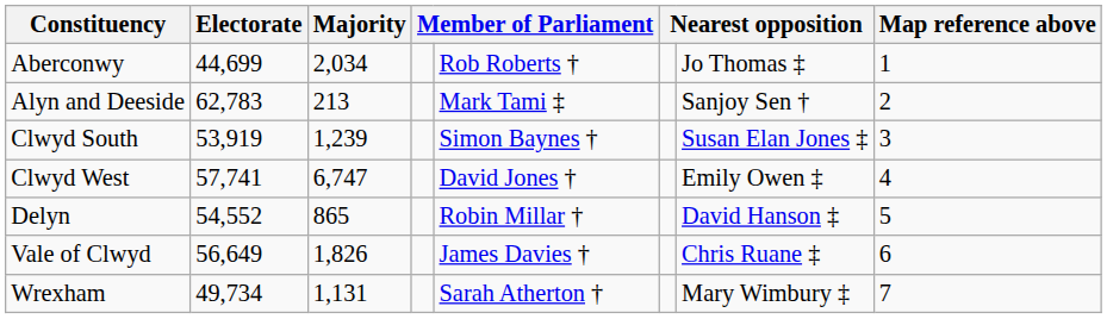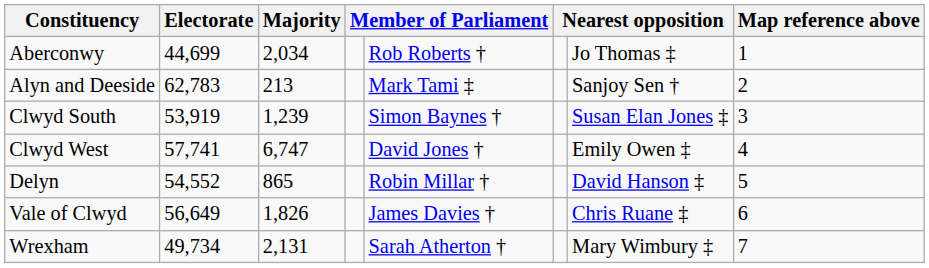 <table class="wikitable sortable">
 <tr>
 <th rowspan=1>Constituency</th>
 <th rowspan=1>Electorate</th>
 <th rowspan=1>Majority</th>
 <th colspan=2 class=unsortable><a href='#'>Member of Parliament</a></th>
 <th colspan=2 class=unsortable>Nearest opposition<br></th>
 <th rowspan=1 class=unsortable>Map reference above</th>
 </tr>
 <tr>
 <td>Aberconwy</td>
 <td>44,699</td>
 <td>2,034</td>
 <td style="color:inherit;background:"> </td>
 <td><a href='#'>Rob Roberts</a> †</td>
 <td style="color:inherit;background:"> </td>
 <td>Jo Thomas ‡</td>
 <td>1</td>
 </tr>
 <tr>
 <td>Alyn and Deeside</td>
 <td>62,783</td>
 <td>213</td>
 <td style="color:inherit;background:"> </td>
 <td><a href='#'>Mark Tami</a> ‡</td>
 <td style="color:inherit;background:"> </td>
 <td>Sanjoy Sen †</td>
 <td>2</td>
 </tr>
 <tr>
 <td>Clwyd South</td>
 <td>53,919</td>
 <td>1,239</td>
 <td style="color:inherit;background:"> </td>
 <td><a href='#'>Simon Baynes</a> †</td>
 <td style="color:inherit;background:"> </td>
 <td><a href='#'>Susan Elan Jones</a> ‡</td>
 <td>3</td>
 </tr>
 <tr>
 <td>Clwyd West</td>
 <td>57,741</td>
 <td>6,747</td>
 <td style="color:inherit;background:"> </td>
 <td><a href='#'>David Jones</a> †</td>
 <td style="color:inherit;background:"> </td>
 <td>Emily Owen ‡</td>
 <td>4</td>
 </tr>
 <tr>
 <td>Delyn</td>
 <td>54,552</td>
 <td>865</td>
 <td style="color:inherit;background:"> </td>
 <td><a href='#'>Robin Millar</a> †</td>
 <td style="color:inherit;background:"> </td>
 <td><a href='#'>David Hanson</a> ‡</td>
 <td>5</td>
 </tr>
 <tr>
 <td>Vale of Clwyd</td>
 <td>56,649</td>
 <td>1,826</td>
 <td style="color:inherit;background:"> </td>
 <td><a href='#'>James Davies</a> †</td>
 <td style="color:inherit;background:"> </td>
 <td><a href='#'>Chris Ruane</a> ‡</td>
 <td>6</td>
 </tr>
 <tr>
 <td>Wrexham</td>
 <td>49,734</td>
-<td>1,131</td>
+<td>2,131</td>
 <td style="color:inherit;background:"> </td>
 <td><a href='#'>Sarah Atherton</a> †</td>
 <td style="color:inherit;background:"> </td>
 <td>Mary Wimbury ‡</td>
 <td>7</td>
 </tr>
 </table>
